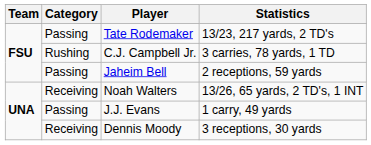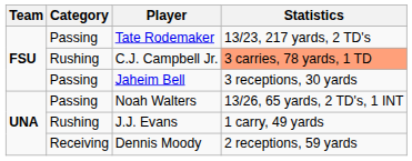 <table class="wikitable" style="float: right;">
 <tr>
 <th>Team</th>
 <th>Category</th>
 <th>Player</th>
 <th>Statistics</th>
 </tr>
 <tr>
 <td rowspan=3><strong>FSU</strong></td>
 <td>Passing</td>
 <td><a href='#'>Tate Rodemaker</a></td>
 <td>13/23, 217 yards, 2 TD's</td>
 </tr>
 <tr>
 <td>Rushing</td>
 <td>C.J. Campbell Jr.</td>
-<td>3 carries, 78 yards, 1 TD</td>
+<td style="background: lightsalmon;">3 carries, 78 yards, 1 TD</td>
 </tr>
 <tr>
 <td>Passing</td>
 <td><a href='#'>Jaheim Bell</a></td>
-<td>2 receptions, 59 yards</td>
+<td>3 receptions, 30 yards</td>
 </tr>
 <tr>
 <td rowspan=3><strong>UNA</strong></td>
-<td>Receiving</td>
+<td>Passing</td>
 <td>Noah Walters</td>
 <td>13/26, 65 yards, 2 TD's, 1 INT</td>
 </tr>
 <tr>
-<td>Passing</td>
+<td>Rushing</td>
 <td>J.J. Evans</td>
 <td>1 carry, 49 yards</td>
 </tr>
 <tr>
 <td>Receiving</td>
 <td>Dennis Moody</td>
-<td>3 receptions, 30 yards</td>
+<td>2 receptions, 59 yards</td>
 </tr>
 </table>
